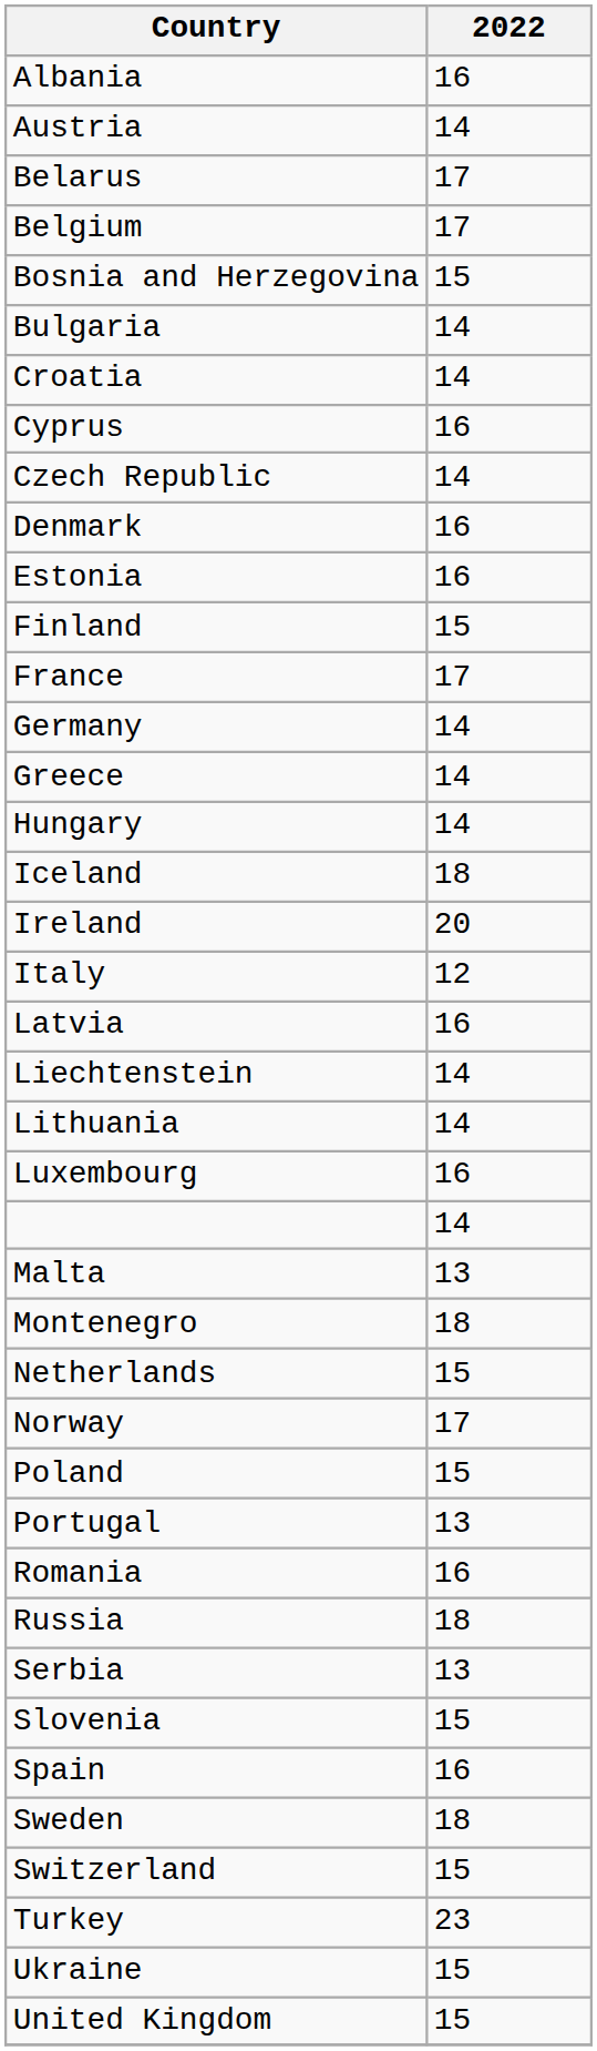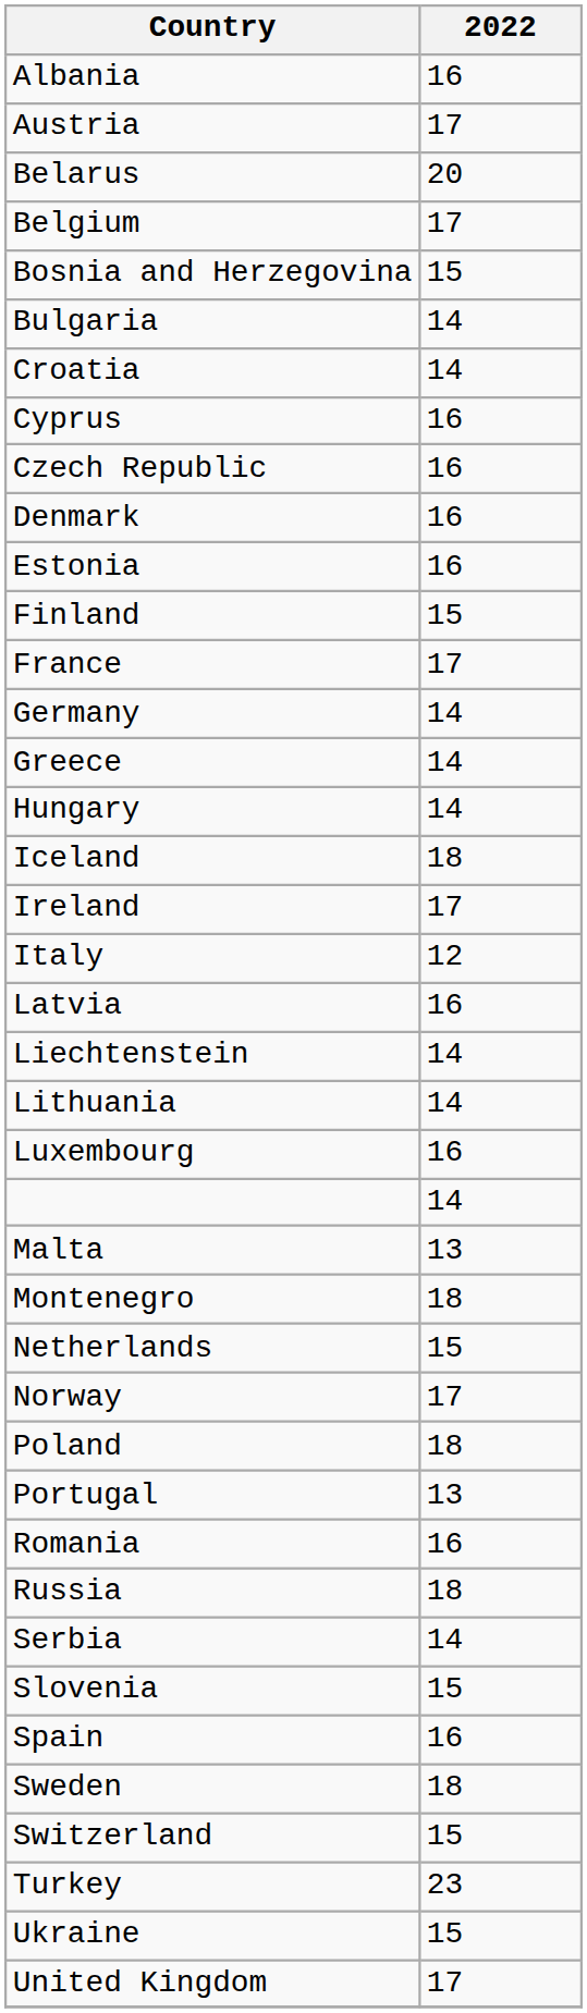 <table class="sortable wikitable" style="font-size:95%;">
 <tr bgcolor="#ffffff">
 <th>Country</th>
 <th width=60 ! data-sort-type="number">2022</th>
 </tr>
 <tr>
 <td> Albania</td>
 <td>16</td>
 </tr>
 <tr>
 <td> Austria</td>
-<td>14</td>
+<td>17</td>
 </tr>
 <tr>
 <td> Belarus</td>
-<td>17</td>
+<td>20</td>
 </tr>
 <tr>
 <td> Belgium</td>
 <td>17</td>
 </tr>
 <tr>
 <td> Bosnia and Herzegovina</td>
 <td>15</td>
 </tr>
 <tr>
 <td> Bulgaria</td>
 <td>14</td>
 </tr>
 <tr>
 <td> Croatia</td>
 <td>14</td>
 </tr>
 <tr>
 <td> Cyprus</td>
 <td>16</td>
 </tr>
 <tr>
 <td> Czech Republic</td>
-<td>14</td>
+<td>16</td>
 </tr>
 <tr>
 <td> Denmark</td>
 <td>16</td>
 </tr>
 <tr>
 <td> Estonia</td>
 <td>16</td>
 </tr>
 <tr>
 <td> Finland</td>
 <td>15</td>
 </tr>
 <tr>
 <td> France</td>
 <td>17</td>
 </tr>
 <tr>
 <td> Germany</td>
 <td>14</td>
 </tr>
 <tr>
 <td> Greece</td>
 <td>14</td>
 </tr>
 <tr>
 <td> Hungary</td>
 <td>14</td>
 </tr>
 <tr>
 <td> Iceland</td>
 <td>18</td>
 </tr>
 <tr>
 <td> Ireland</td>
-<td>20</td>
+<td>17</td>
 </tr>
 <tr>
 <td> Italy</td>
 <td>12</td>
 </tr>
 <tr>
 <td> Latvia</td>
 <td>16</td>
 </tr>
 <tr>
 <td> Liechtenstein</td>
 <td>14</td>
 </tr>
 <tr>
 <td> Lithuania</td>
 <td>14</td>
 </tr>
 <tr>
 <td> Luxembourg</td>
 <td>16</td>
 </tr>
 <tr>
 <td></td>
 <td>14</td>
 </tr>
 <tr>
 <td> Malta</td>
 <td>13</td>
 </tr>
 <tr>
 <td> Montenegro</td>
 <td>18</td>
 </tr>
 <tr>
 <td> Netherlands</td>
 <td>15</td>
 </tr>
 <tr>
 <td> Norway</td>
 <td>17</td>
 </tr>
 <tr>
 <td> Poland</td>
-<td>15</td>
+<td>18</td>
 </tr>
 <tr>
 <td> Portugal</td>
 <td>13</td>
 </tr>
 <tr>
 <td> Romania</td>
 <td>16</td>
 </tr>
 <tr>
 <td> Russia</td>
 <td>18</td>
 </tr>
 <tr>
 <td> Serbia</td>
-<td>13</td>
+<td>14</td>
 </tr>
 <tr>
 <td> Slovenia</td>
 <td>15</td>
 </tr>
 <tr>
 <td> Spain</td>
 <td>16</td>
 </tr>
 <tr>
 <td> Sweden</td>
 <td>18</td>
 </tr>
 <tr>
 <td> Switzerland</td>
 <td>15</td>
 </tr>
 <tr>
 <td> Turkey</td>
 <td>23</td>
 </tr>
 <tr>
 <td> Ukraine</td>
 <td>15</td>
 </tr>
 <tr>
 <td> United Kingdom</td>
-<td>15</td>
+<td>17</td>
 </tr>
 <tr>
 </tr>
 </table>
